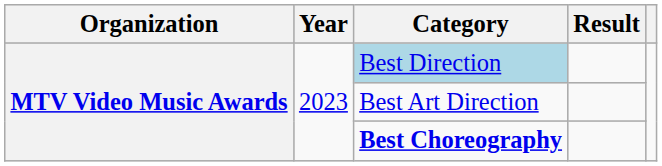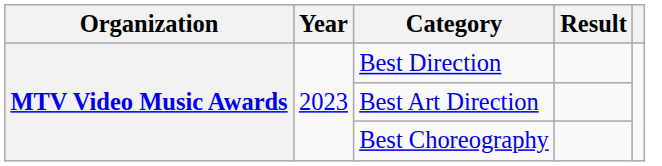 <table class="wikitable sortable plainrowheaders" style="border:none; margin:0;">
 <tr>
 <th scope="col">Organization</th>
 <th scope="col">Year</th>
 <th scope="col">Category</th>
 <th scope="col">Result</th>
 <th class="unsortable" scope="col"></th>
 </tr>
 <tr>
 <th rowspan="3" scope="row"><a href='#'>MTV Video Music Awards</a></th>
 <td rowspan="3"><a href='#'>2023</a></td>
-<td style="background: lightblue;"><a href='#'>Best Direction</a></td>
+<td><a href='#'>Best Direction</a></td>
 <td></td>
 <td rowspan="3"></td>
 </tr>
 <tr>
 <td><a href='#'>Best Art Direction</a></td>
 <td></td>
 </tr>
 <tr>
-<td><strong><a href='#'>Best Choreography</a></strong></td>
+<td><a href='#'>Best Choreography</a></td>
 <td></td>
 </tr>
 </table>
